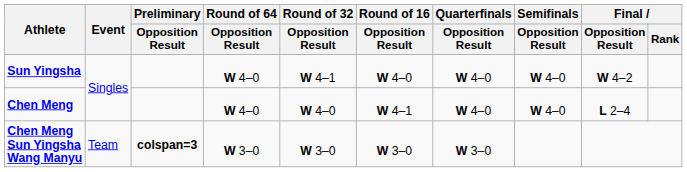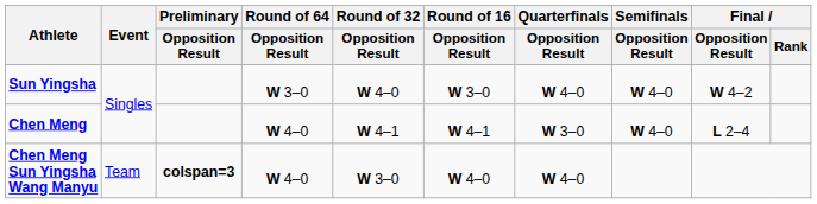 <table class=wikitable style=font-size:90%;text-align:center>
 <tr>
 <th rowspan=2>Athlete</th>
 <th rowspan=2>Event</th>
 <th>Preliminary</th>
 <th>Round of 64</th>
 <th>Round of 32</th>
 <th>Round of 16</th>
 <th>Quarterfinals</th>
 <th>Semifinals</th>
 <th colspan=2>Final / </th>
 </tr>
 <tr style=font-size:95%>
 <th>Opposition<br>Result</th>
 <th>Opposition<br>Result</th>
 <th>Opposition<br>Result</th>
 <th>Opposition<br>Result</th>
 <th>Opposition<br>Result</th>
 <th>Opposition<br>Result</th>
 <th>Opposition<br>Result</th>
 <th>Rank</th>
 </tr>
 <tr>
 <td align=left><strong><a href='#'>Sun Yingsha</a></strong></td>
 <td align=left rowspan=2><a href='#'>Singles</a></td>
 <td></td>
+<td><br><strong>W</strong> 3–0</td>
 <td><br><strong>W</strong> 4–0</td>
-<td><br><strong>W</strong> 4–1</td>
-<td><br><strong>W</strong> 4–0</td>
+<td><br><strong>W</strong> 3–0</td>
 <td><br><strong>W</strong> 4–0</td>
 <td><br><strong>W</strong> 4–0</td>
 <td><br><strong>W</strong> 4–2</td>
 <td></td>
 </tr>
 <tr align=center>
 <td align=left><strong><a href='#'>Chen Meng</a></strong></td>
 <td></td>
 <td><br><strong>W</strong> 4–0</td>
-<td><br><strong>W</strong> 4–0</td>
 <td><br><strong>W</strong> 4–1</td>
-<td><br><strong>W</strong> 4–0</td>
+<td><br><strong>W</strong> 4–1</td>
+<td><br><strong>W</strong> 3–0</td>
 <td><br><strong>W</strong> 4–0</td>
 <td><br><strong>L</strong> 2–4</td>
 <td></td>
 </tr>
 <tr>
 <td align=left><strong><a href='#'>Chen Meng</a><br><a href='#'>Sun Yingsha</a><br><a href='#'>Wang Manyu</a></strong></td>
 <td align=left><a href='#'>Team</a></td>
 <td><strong>colspan=3 </strong></td>
+<td><br><strong>W</strong> 4–0</td>
 <td><br><strong>W</strong> 3–0</td>
-<td><br><strong>W</strong> 3–0</td>
-<td><br><strong>W</strong> 3–0</td>
-<td><br><strong>W</strong> 3–0</td>
+<td><br><strong>W</strong> 4–0</td>
+<td><br><strong>W</strong> 4–0</td>
 <td></td>
 </tr>
 </table>
